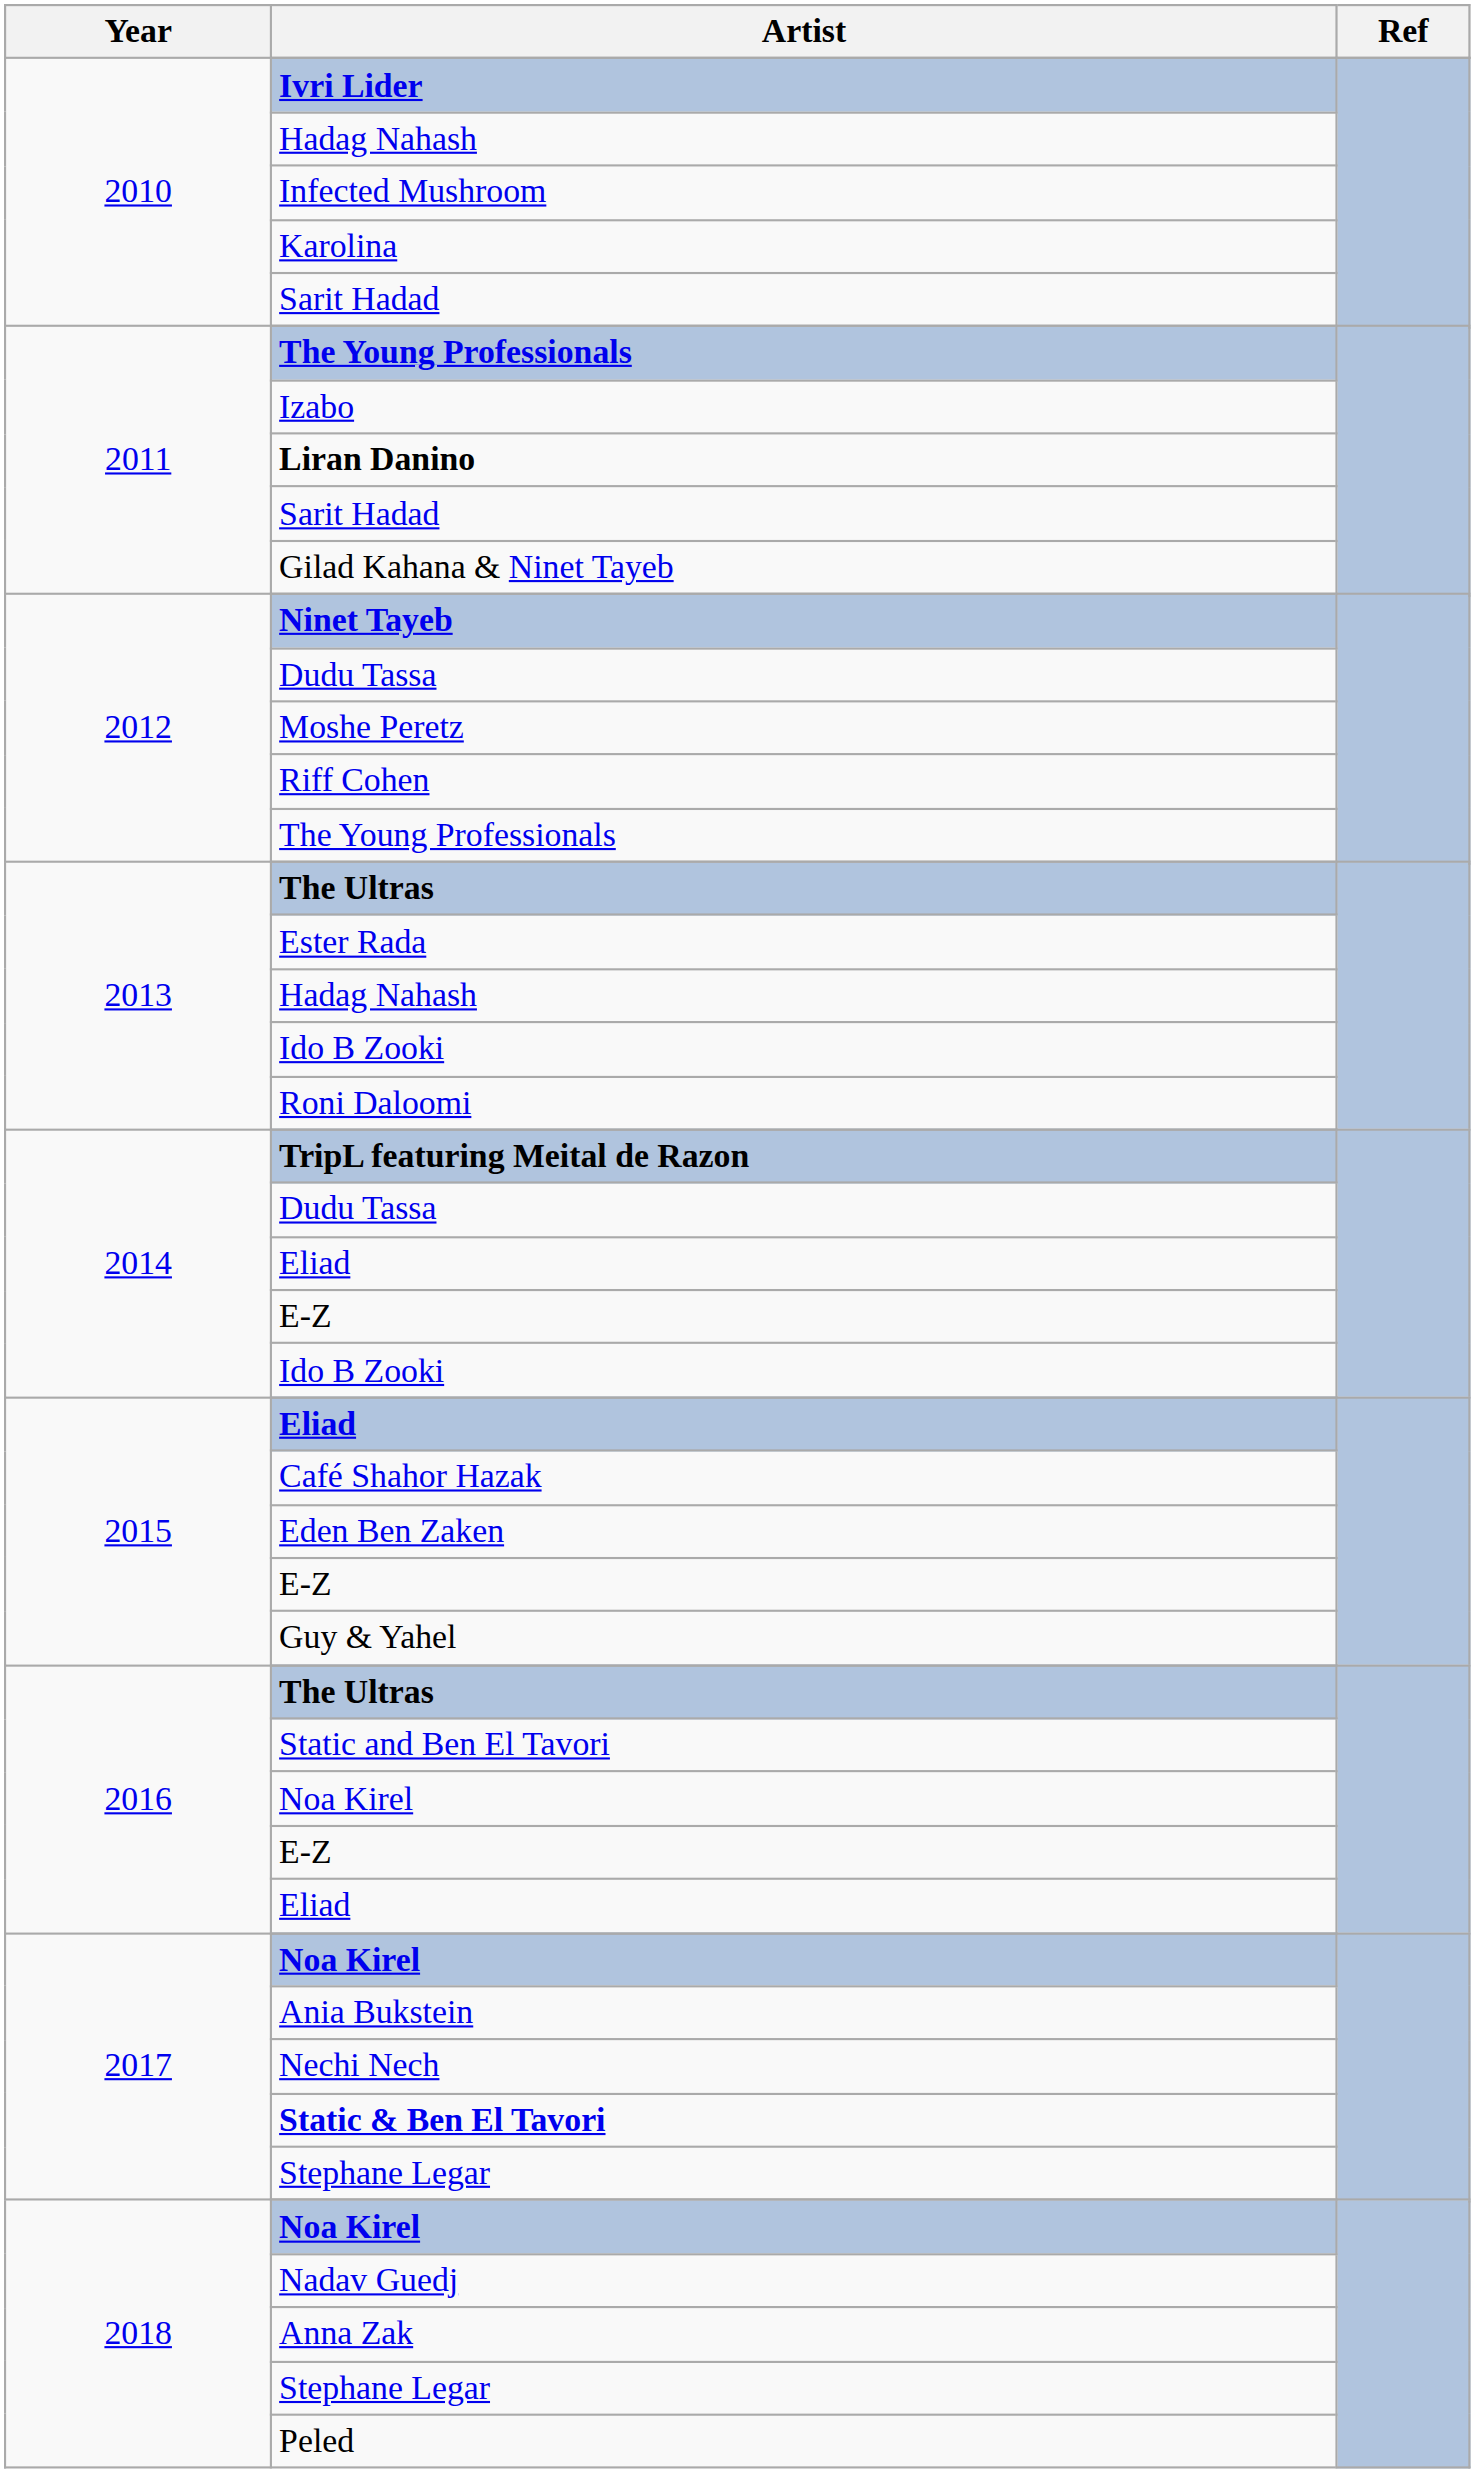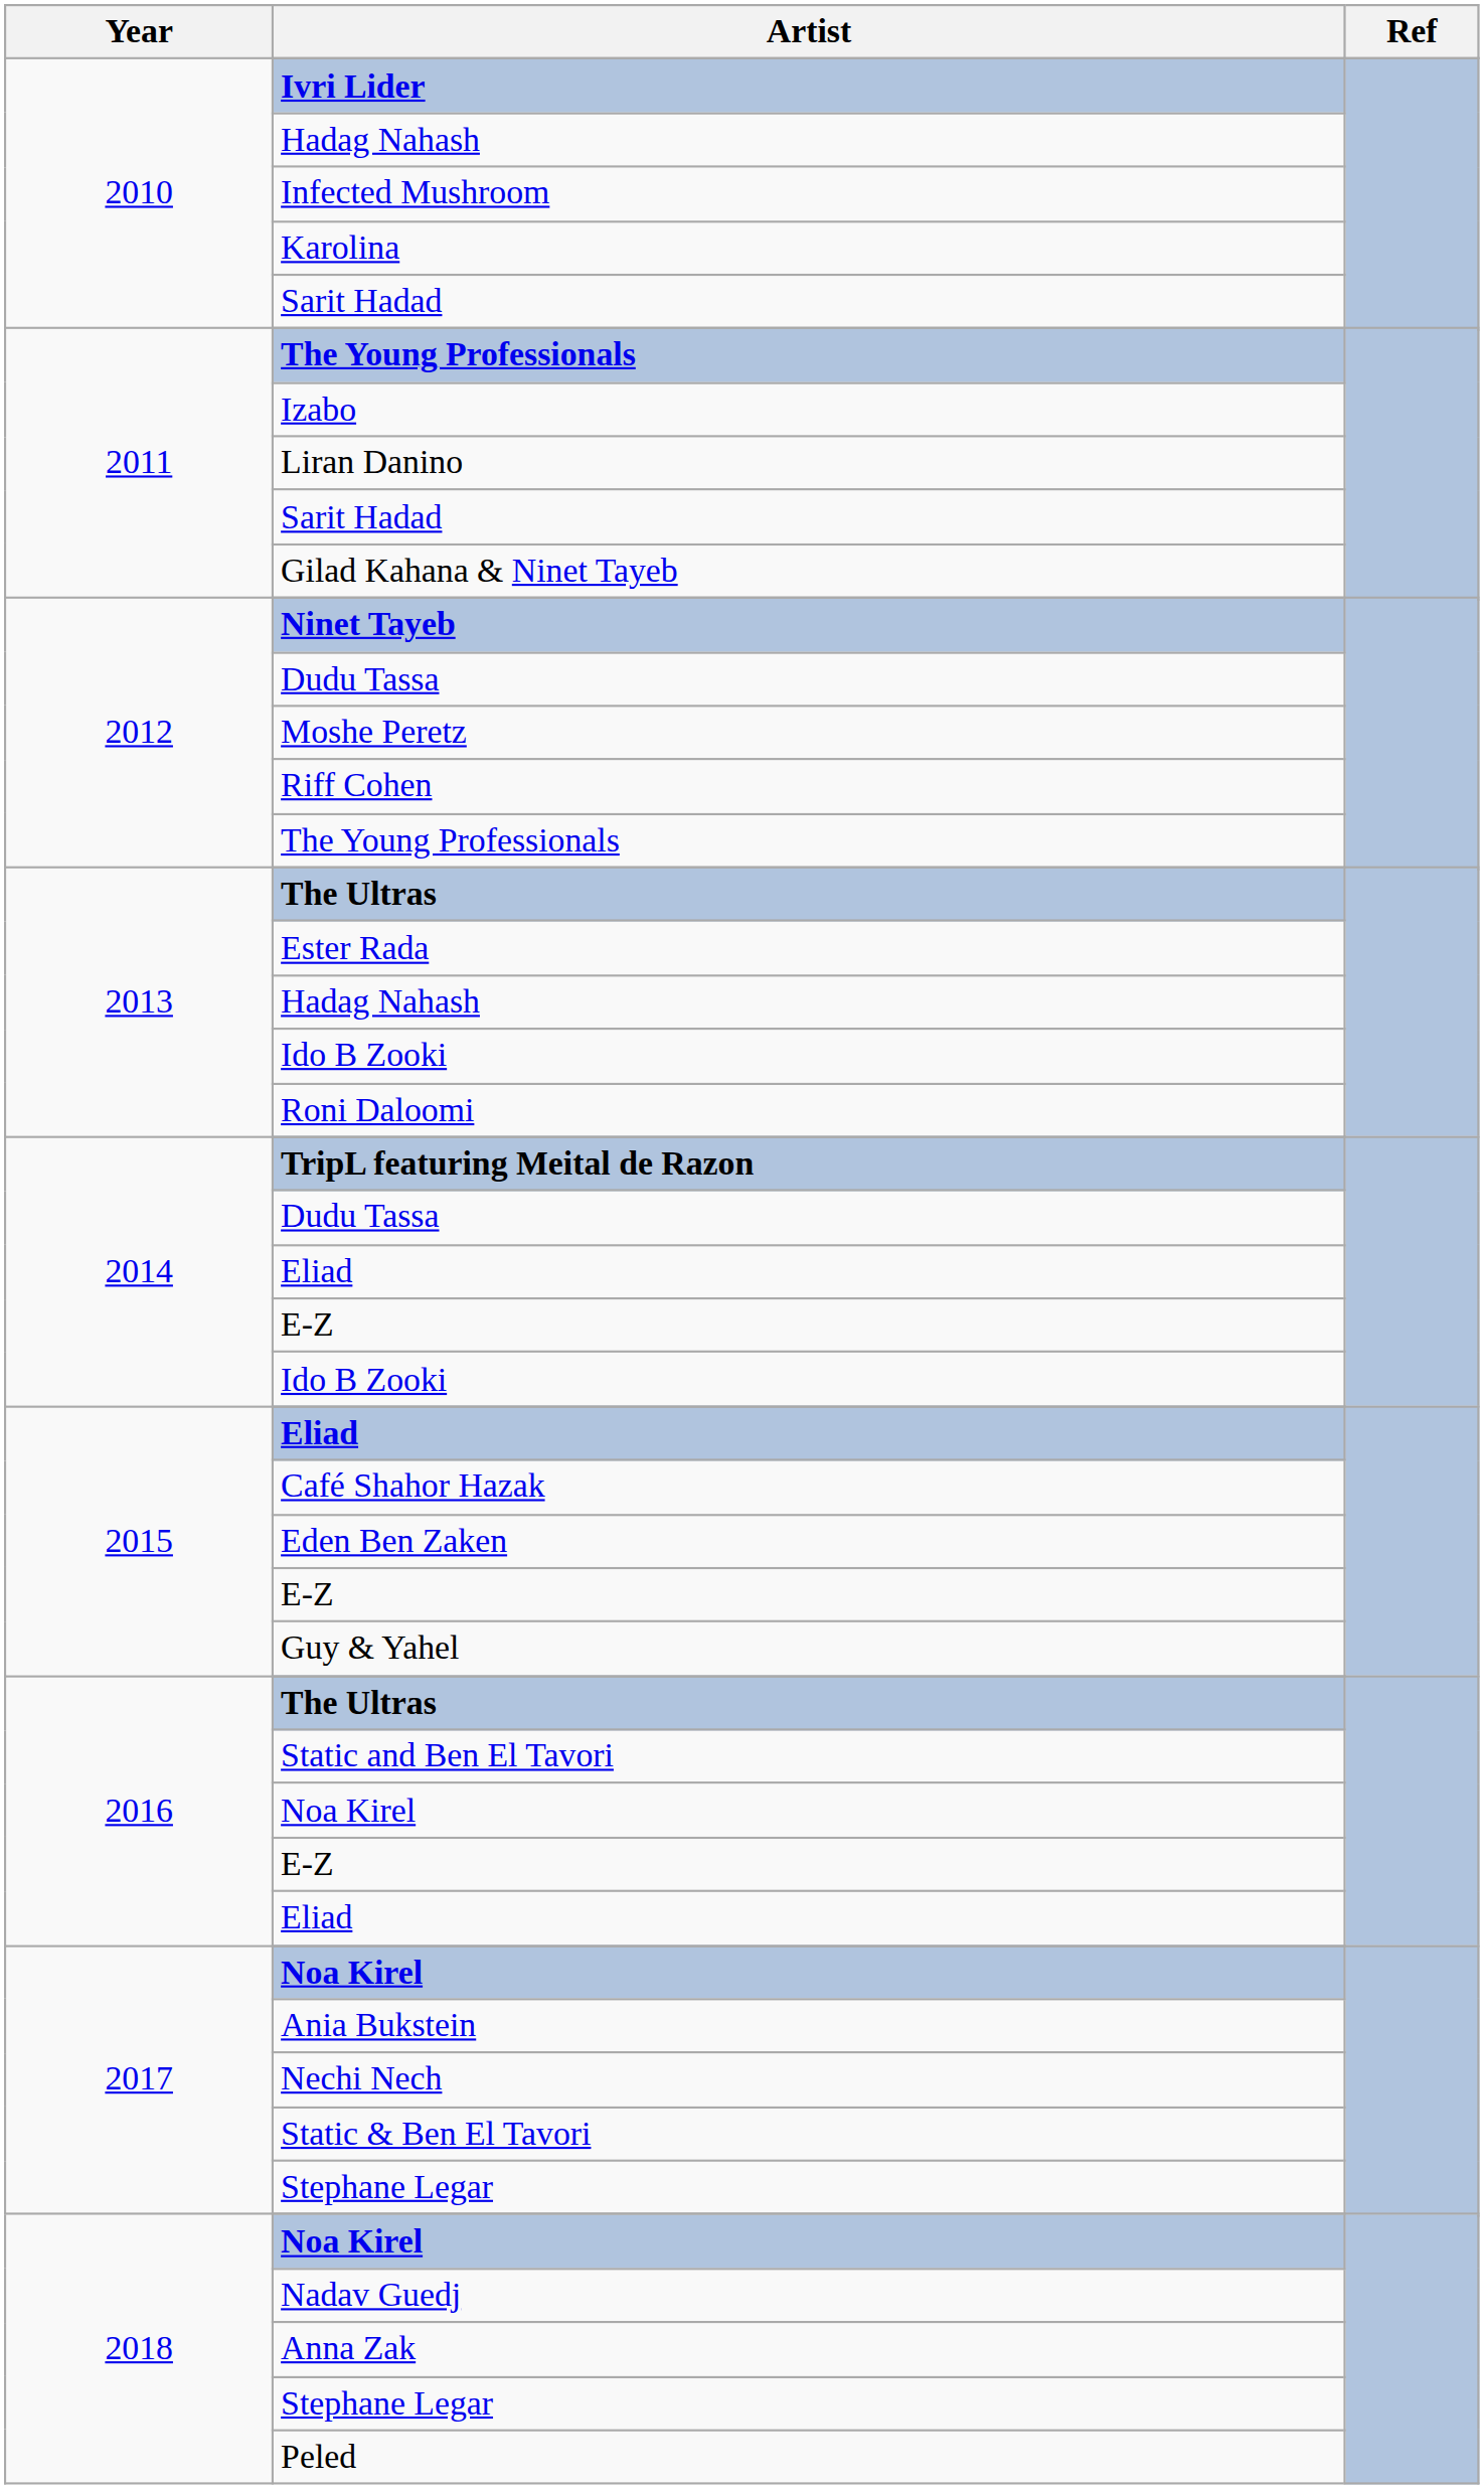 <table class="wikitable" style="width:55%;">
 <tr style="background:#bebebe;">
 <th style="width:10%;">Year</th>
 <th style="width:40%;">Artist</th>
 <th style="width:5%;">Ref</th>
 </tr>
 <tr>
 <td rowspan="6" align="center"><a href='#'>2010</a></td>
 </tr>
 <tr style="background:#B0C4DE">
 <td><strong><a href='#'>Ivri Lider</a></strong></td>
 <td rowspan="6" align="center"></td>
 </tr>
 <tr>
 <td><a href='#'>Hadag Nahash</a></td>
 </tr>
 <tr>
 <td><a href='#'>Infected Mushroom</a></td>
 </tr>
 <tr>
 <td><a href='#'>Karolina</a></td>
 </tr>
 <tr>
 <td><a href='#'>Sarit Hadad</a></td>
 </tr>
 <tr>
 <td rowspan="6" align="center"><a href='#'>2011</a></td>
 </tr>
 <tr style="background:#B0C4DE">
 <td><strong><a href='#'>The Young Professionals</a></strong></td>
 <td rowspan="6" align="center"></td>
 </tr>
 <tr>
 <td><a href='#'>Izabo</a></td>
 </tr>
 <tr>
-<td><strong>Liran Danino</strong></td>
+<td>Liran Danino</td>
 </tr>
 <tr>
 <td><a href='#'>Sarit Hadad</a></td>
 </tr>
 <tr>
 <td>Gilad Kahana & <a href='#'>Ninet Tayeb</a></td>
 </tr>
 <tr>
 <td rowspan="6" align="center"><a href='#'>2012</a></td>
 </tr>
 <tr style="background:#B0C4DE">
 <td><strong><a href='#'>Ninet Tayeb</a></strong></td>
 <td rowspan="6" align="center"></td>
 </tr>
 <tr>
 <td><a href='#'>Dudu Tassa</a></td>
 </tr>
 <tr>
 <td><a href='#'>Moshe Peretz</a></td>
 </tr>
 <tr>
 <td><a href='#'>Riff Cohen</a></td>
 </tr>
 <tr>
 <td><a href='#'>The Young Professionals</a></td>
 </tr>
 <tr>
 <td rowspan="6" align="center"><a href='#'>2013</a></td>
 </tr>
 <tr style="background:#B0C4DE">
 <td><strong>The Ultras</strong></td>
 <td rowspan="6" align="center"></td>
 </tr>
 <tr>
 <td><a href='#'>Ester Rada</a></td>
 </tr>
 <tr>
 <td><a href='#'>Hadag Nahash</a></td>
 </tr>
 <tr>
 <td><a href='#'>Ido B Zooki</a></td>
 </tr>
 <tr>
 <td><a href='#'>Roni Daloomi</a></td>
 </tr>
 <tr>
 <td rowspan="6" align="center"><a href='#'>2014</a></td>
 </tr>
 <tr style="background:#B0C4DE">
 <td><strong>TripL featuring Meital de Razon</strong></td>
 <td rowspan="6" align="center"></td>
 </tr>
 <tr>
 <td><a href='#'>Dudu Tassa</a></td>
 </tr>
 <tr>
 <td><a href='#'>Eliad</a></td>
 </tr>
 <tr>
 <td>E-Z</td>
 </tr>
 <tr>
 <td><a href='#'>Ido B Zooki</a></td>
 </tr>
 <tr>
 <td rowspan="6" align="center"><a href='#'>2015</a></td>
 </tr>
 <tr style="background:#B0C4DE">
 <td><strong><a href='#'>Eliad</a></strong></td>
 <td rowspan="6" align="center"></td>
 </tr>
 <tr>
 <td><a href='#'>Café Shahor Hazak</a></td>
 </tr>
 <tr>
 <td><a href='#'>Eden Ben Zaken</a></td>
 </tr>
 <tr>
 <td>E-Z</td>
 </tr>
 <tr>
 <td>Guy & Yahel</td>
 </tr>
 <tr>
 <td rowspan="6" align="center"><a href='#'>2016</a></td>
 </tr>
 <tr style="background:#B0C4DE">
 <td><strong>The Ultras</strong></td>
 <td rowspan="6" align="center"></td>
 </tr>
 <tr>
 <td><a href='#'>Static and Ben El Tavori</a></td>
 </tr>
 <tr>
 <td><a href='#'>Noa Kirel</a></td>
 </tr>
 <tr>
 <td>E-Z</td>
 </tr>
 <tr>
 <td><a href='#'>Eliad</a></td>
 </tr>
 <tr>
 <td rowspan="6" align="center"><a href='#'>2017</a></td>
 </tr>
 <tr style="background:#B0C4DE">
 <td><strong><a href='#'>Noa Kirel</a></strong></td>
 <td rowspan="6" align="center"></td>
 </tr>
 <tr>
 <td><a href='#'>Ania Bukstein</a></td>
 </tr>
 <tr>
 <td><a href='#'>Nechi Nech</a></td>
 </tr>
 <tr>
-<td><strong><a href='#'>Static & Ben El Tavori</a></strong></td>
+<td><a href='#'>Static & Ben El Tavori</a></td>
 </tr>
 <tr>
 <td><a href='#'>Stephane Legar</a></td>
 </tr>
 <tr>
 <td rowspan="6" align="center"><a href='#'>2018</a></td>
 </tr>
 <tr style="background:#B0C4DE">
 <td><strong><a href='#'>Noa Kirel</a></strong></td>
 <td rowspan="6" align="center"></td>
 </tr>
 <tr>
 <td><a href='#'>Nadav Guedj</a></td>
 </tr>
 <tr>
 <td><a href='#'>Anna Zak</a></td>
 </tr>
 <tr>
 <td><a href='#'>Stephane Legar</a></td>
 </tr>
 <tr>
 <td>Peled</td>
 </tr>
 </table>
